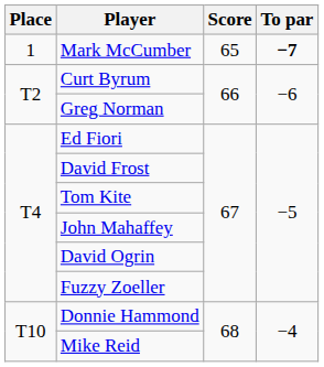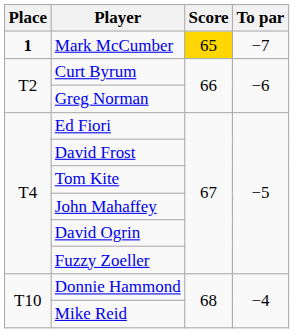 <table class="wikitable">
 <tr>
 <th>Place</th>
 <th>Player</th>
 <th>Score</th>
 <th>To par</th>
 </tr>
 <tr>
-<td align=center>1</td>
+<td align=center><strong>1</strong></td>
 <td> <a href='#'>Mark McCumber</a></td>
-<td align=center>65</td>
-<td align=center><strong>−7</strong></td>
+<td align=center style="background: gold;">65</td>
+<td align=center>−7</td>
 </tr>
 <tr>
 <td rowspan=2 align=center>T2</td>
 <td> <a href='#'>Curt Byrum</a></td>
 <td rowspan=2 align=center>66</td>
 <td rowspan=2 align=center>−6</td>
 </tr>
 <tr>
 <td> <a href='#'>Greg Norman</a></td>
 </tr>
 <tr>
 <td rowspan=6 align=center>T4</td>
 <td> <a href='#'>Ed Fiori</a></td>
 <td rowspan=6 align=center>67</td>
 <td rowspan=6 align=center>−5</td>
 </tr>
 <tr>
 <td> <a href='#'>David Frost</a></td>
 </tr>
 <tr>
 <td> <a href='#'>Tom Kite</a></td>
 </tr>
 <tr>
 <td> <a href='#'>John Mahaffey</a></td>
 </tr>
 <tr>
 <td> <a href='#'>David Ogrin</a></td>
 </tr>
 <tr>
 <td> <a href='#'>Fuzzy Zoeller</a></td>
 </tr>
 <tr>
 <td rowspan=2 align=center>T10</td>
 <td> <a href='#'>Donnie Hammond</a></td>
 <td rowspan=2 align=center>68</td>
 <td rowspan=2 align=center>−4</td>
 </tr>
 <tr>
 <td> <a href='#'>Mike Reid</a></td>
 </tr>
 </table>
